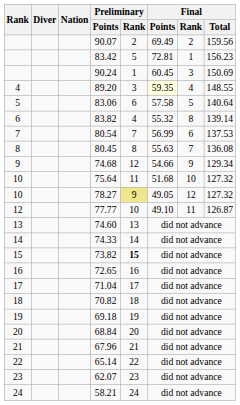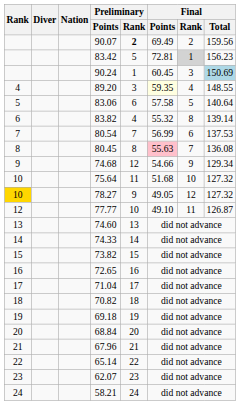 <table class="wikitable sortable" style="text-align:center;">
 <tr>
 <th rowspan=2>Rank</th>
 <th rowspan=2>Diver</th>
 <th rowspan=2>Nation</th>
 <th colspan=2>Preliminary</th>
 <th colspan=3>Final</th>
 </tr>
 <tr>
 <th>Points</th>
 <th>Rank</th>
 <th>Points</th>
 <th>Rank</th>
 <th>Total</th>
 </tr>
 <tr>
 <td></td>
 <td align=left></td>
 <td align=left></td>
 <td>90.07</td>
-<td>2</td>
+<td><strong>2</strong></td>
 <td>69.49</td>
 <td>2</td>
 <td>159.56</td>
 </tr>
 <tr>
 <td></td>
 <td align=left></td>
 <td align=left></td>
 <td>83.42</td>
 <td>5</td>
 <td>72.81</td>
-<td>1</td>
+<td style="background: lightgrey;">1</td>
 <td>156.23</td>
 </tr>
 <tr>
 <td></td>
 <td align=left></td>
 <td align=left></td>
 <td>90.24</td>
 <td>1</td>
 <td>60.45</td>
 <td>3</td>
-<td>150.69</td>
+<td style="background: lightblue;">150.69</td>
 </tr>
 <tr>
 <td>4</td>
 <td align=left></td>
 <td align=left></td>
 <td>89.20</td>
 <td>3</td>
 <td style="background: lightyellow;">59.35</td>
 <td>4</td>
 <td>148.55</td>
 </tr>
 <tr>
 <td>5</td>
 <td align=left></td>
 <td align=left></td>
 <td>83.06</td>
 <td>6</td>
 <td>57.58</td>
 <td>5</td>
 <td>140.64</td>
 </tr>
 <tr>
 <td>6</td>
 <td align=left></td>
 <td align=left></td>
 <td>83.82</td>
 <td>4</td>
 <td>55.32</td>
 <td>8</td>
 <td>139.14</td>
 </tr>
 <tr>
 <td>7</td>
 <td align=left></td>
 <td align=left></td>
 <td>80.54</td>
 <td>7</td>
 <td>56.99</td>
 <td>6</td>
 <td>137.53</td>
 </tr>
 <tr>
 <td>8</td>
 <td align=left></td>
 <td align=left></td>
 <td>80.45</td>
 <td>8</td>
-<td>55.63</td>
+<td style="background: pink;">55.63</td>
 <td>7</td>
 <td>136.08</td>
 </tr>
 <tr>
 <td>9</td>
 <td align=left></td>
 <td align=left></td>
 <td>74.68</td>
 <td>12</td>
 <td>54.66</td>
 <td>9</td>
 <td>129.34</td>
 </tr>
 <tr>
 <td>10</td>
 <td align=left></td>
 <td align=left></td>
 <td>75.64</td>
 <td>11</td>
 <td>51.68</td>
 <td>10</td>
 <td>127.32</td>
 </tr>
 <tr>
-<td>10</td>
+<td style="background: gold;">10</td>
 <td align=left></td>
 <td align=left></td>
 <td>78.27</td>
-<td style="background: khaki;">9</td>
+<td>9</td>
 <td>49.05</td>
 <td>12</td>
 <td>127.32</td>
 </tr>
 <tr>
 <td>12</td>
 <td align=left></td>
 <td align=left></td>
 <td>77.77</td>
 <td>10</td>
 <td>49.10</td>
 <td>11</td>
 <td>126.87</td>
 </tr>
 <tr>
 <td>13</td>
 <td align=left></td>
 <td align=left></td>
 <td>74.60</td>
 <td>13</td>
 <td colspan=3>did not advance</td>
 </tr>
 <tr>
 <td>14</td>
 <td align=left></td>
 <td align=left></td>
 <td>74.33</td>
 <td>14</td>
 <td colspan=3>did not advance</td>
 </tr>
 <tr>
 <td>15</td>
 <td align=left></td>
 <td align=left></td>
 <td>73.82</td>
-<td><strong>15</strong></td>
+<td>15</td>
 <td colspan=3>did not advance</td>
 </tr>
 <tr>
 <td>16</td>
 <td align=left></td>
 <td align=left></td>
 <td>72.65</td>
 <td>16</td>
 <td colspan=3>did not advance</td>
 </tr>
 <tr>
 <td>17</td>
 <td align=left></td>
 <td align=left></td>
 <td>71.04</td>
 <td>17</td>
 <td colspan=3>did not advance</td>
 </tr>
 <tr>
 <td>18</td>
 <td align=left></td>
 <td align=left></td>
 <td>70.82</td>
 <td>18</td>
 <td colspan=3>did not advance</td>
 </tr>
 <tr>
 <td>19</td>
 <td align=left></td>
 <td align=left></td>
 <td>69.18</td>
 <td>19</td>
 <td colspan=3>did not advance</td>
 </tr>
 <tr>
 <td>20</td>
 <td align=left></td>
 <td align=left></td>
 <td>68.84</td>
 <td>20</td>
 <td colspan=3>did not advance</td>
 </tr>
 <tr>
 <td>21</td>
 <td align=left></td>
 <td align=left></td>
 <td>67.96</td>
 <td>21</td>
 <td colspan=3>did not advance</td>
 </tr>
 <tr>
 <td>22</td>
 <td align=left></td>
 <td align=left></td>
 <td>65.14</td>
 <td>22</td>
 <td colspan=3>did not advance</td>
 </tr>
 <tr>
 <td>23</td>
 <td align=left></td>
 <td align=left></td>
 <td>62.07</td>
 <td>23</td>
 <td colspan=3>did not advance</td>
 </tr>
 <tr>
 <td>24</td>
 <td align=left></td>
 <td align=left></td>
 <td>58.21</td>
 <td>24</td>
 <td colspan=3>did not advance</td>
 </tr>
 </table>
